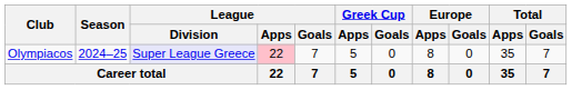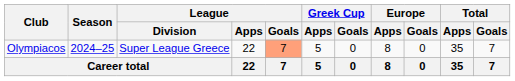 <table class="wikitable" style="text-align:center">
 <tr>
 <th rowspan="2">Club</th>
 <th rowspan="2">Season</th>
 <th colspan="3">League</th>
 <th colspan="2"><a href='#'>Greek Cup</a></th>
 <th colspan="2">Europe</th>
 <th colspan="2">Total</th>
 </tr>
 <tr>
 <th>Division</th>
 <th>Apps</th>
 <th>Goals</th>
 <th>Apps</th>
 <th>Goals</th>
 <th>Apps</th>
 <th>Goals</th>
 <th>Apps</th>
 <th>Goals</th>
 </tr>
 <tr>
 <td><a href='#'>Olympiacos</a></td>
 <td><a href='#'>2024–25</a></td>
-<td style="background: lavender;"><a href='#'>Super League Greece</a></td>
-<td style="background: pink;">22</td>
-<td>7</td>
+<td><a href='#'>Super League Greece</a></td>
+<td>22</td>
+<td style="background: lightsalmon;">7</td>
 <td>5</td>
 <td>0</td>
 <td>8</td>
 <td>0</td>
 <td>35</td>
 <td>7</td>
 </tr>
 <tr>
 <th colspan="3">Career total</th>
 <th>22</th>
 <th>7</th>
 <th>5</th>
 <th>0</th>
 <th>8</th>
 <th>0</th>
 <th>35</th>
 <th>7</th>
 </tr>
 </table>
